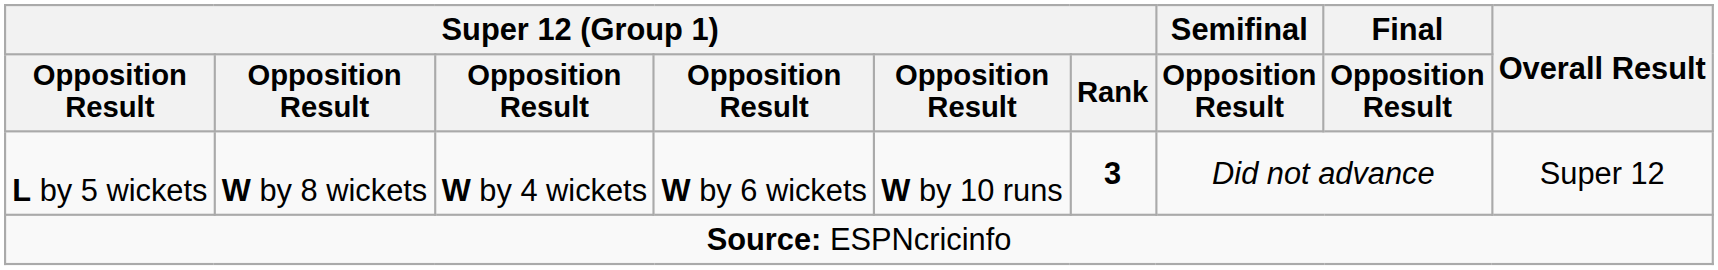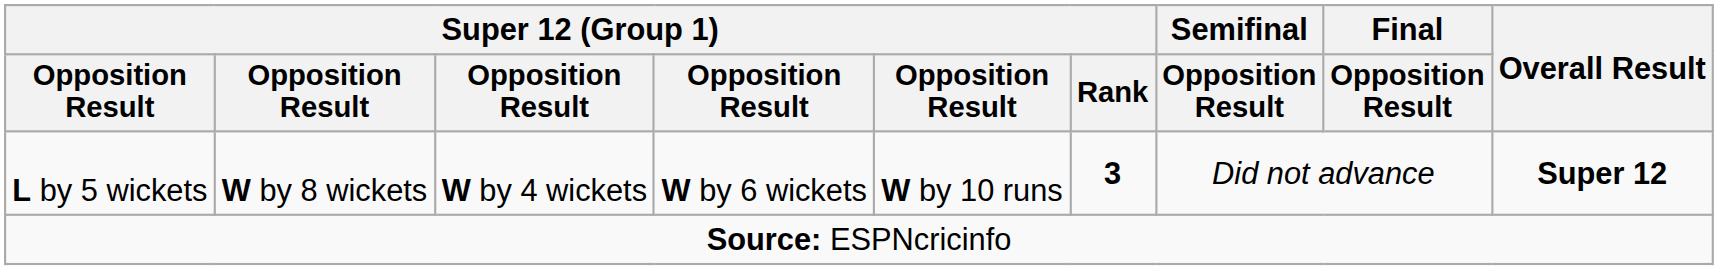 <table class=wikitable style=font-size:90%;text-align:center>
 <tr>
 <th colspan=6>Super 12 (Group 1)</th>
 <th>Semifinal</th>
 <th>Final</th>
 <th rowspan=2>Overall Result</th>
 </tr>
 <tr style=font-size:95%>
 <th>Opposition<br>Result</th>
 <th>Opposition<br>Result</th>
 <th>Opposition<br>Result</th>
 <th>Opposition<br>Result</th>
 <th>Opposition<br>Result</th>
 <th>Rank</th>
 <th>Opposition<br>Result</th>
 <th>Opposition<br>Result</th>
 </tr>
 <tr>
 <td><br><strong>L</strong> by 5 wickets</td>
 <td><br><strong>W</strong> by 8 wickets</td>
 <td><br><strong>W</strong> by 4 wickets</td>
 <td><br><strong>W</strong> by 6 wickets</td>
 <td><br><strong>W</strong> by 10 runs</td>
 <td><strong>3</strong></td>
 <td colspan=2><em>Did not advance</em></td>
-<td>Super 12</td>
+<td><strong>Super 12</strong></td>
 </tr>
 <tr>
 <td colspan="11"><strong>Source:</strong> ESPNcricinfo</td>
 </tr>
 </table>
